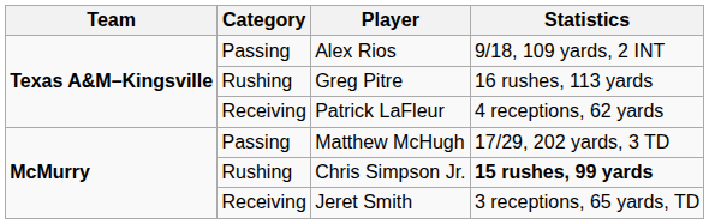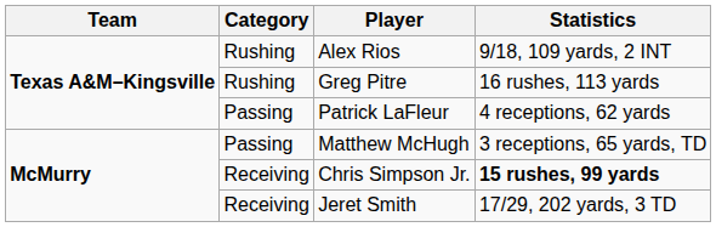 <table class="wikitable" style="float: left;">
 <tr>
 <th>Team</th>
 <th>Category</th>
 <th>Player</th>
 <th>Statistics</th>
 </tr>
 <tr>
 <td rowspan=3><strong>Texas A&M–Kingsville</strong></td>
-<td>Passing</td>
+<td>Rushing</td>
 <td>Alex Rios</td>
 <td>9/18, 109 yards, 2 INT</td>
 </tr>
 <tr>
 <td>Rushing</td>
 <td>Greg Pitre</td>
 <td>16 rushes, 113 yards</td>
 </tr>
 <tr>
-<td>Receiving</td>
+<td>Passing</td>
 <td>Patrick LaFleur</td>
 <td>4 receptions, 62 yards</td>
 </tr>
 <tr>
 <td rowspan=3><strong>McMurry</strong></td>
 <td>Passing</td>
 <td>Matthew McHugh</td>
-<td>17/29, 202 yards, 3 TD</td>
+<td>3 receptions, 65 yards, TD</td>
 </tr>
 <tr>
-<td>Rushing</td>
+<td>Receiving</td>
 <td>Chris Simpson Jr.</td>
 <td><strong>15 rushes, 99 yards</strong></td>
 </tr>
 <tr>
 <td>Receiving</td>
 <td>Jeret Smith</td>
-<td>3 receptions, 65 yards, TD</td>
+<td>17/29, 202 yards, 3 TD</td>
 </tr>
 </table>
